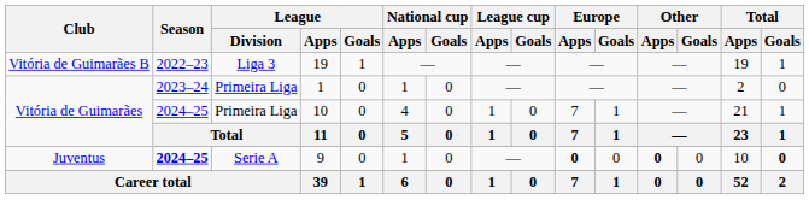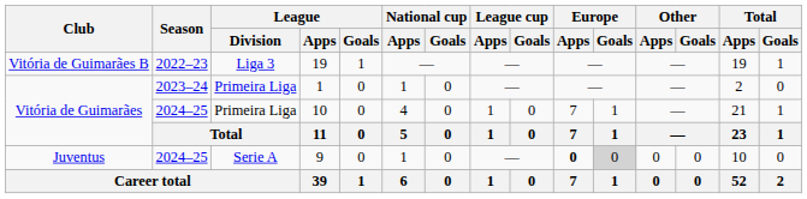 <table class="wikitable" style="text-align: center;">
 <tr>
 <th rowspan="2">Club</th>
 <th rowspan="2">Season</th>
 <th colspan="3">League</th>
 <th colspan="2">National cup</th>
 <th colspan="2">League cup</th>
 <th colspan="2">Europe</th>
 <th colspan="2">Other</th>
 <th colspan="2">Total</th>
 </tr>
 <tr>
 <th>Division</th>
 <th>Apps</th>
 <th>Goals</th>
 <th>Apps</th>
 <th>Goals</th>
 <th>Apps</th>
 <th>Goals</th>
 <th>Apps</th>
 <th>Goals</th>
 <th>Apps</th>
 <th>Goals</th>
 <th>Apps</th>
 <th>Goals</th>
 </tr>
 <tr>
 <td><a href='#'>Vitória de Guimarães B</a></td>
 <td><a href='#'>2022–23</a></td>
 <td><a href='#'>Liga 3</a></td>
 <td>19</td>
 <td>1</td>
 <td colspan="2">—</td>
 <td colspan="2">—</td>
 <td colspan="2">—</td>
 <td colspan="2">—</td>
 <td>19</td>
 <td>1</td>
 </tr>
 <tr>
 <td rowspan="3"><a href='#'>Vitória de Guimarães</a></td>
 <td><a href='#'>2023–24</a></td>
 <td><a href='#'>Primeira Liga</a></td>
 <td>1</td>
 <td>0</td>
 <td>1</td>
 <td>0</td>
 <td colspan="2">—</td>
 <td colspan="2">—</td>
 <td colspan="2">—</td>
 <td>2</td>
 <td>0</td>
 </tr>
 <tr>
 <td><a href='#'>2024–25</a></td>
 <td>Primeira Liga</td>
 <td>10</td>
 <td>0</td>
 <td>4</td>
 <td>0</td>
 <td>1</td>
 <td>0</td>
 <td>7</td>
 <td>1</td>
 <td colspan="2">—</td>
 <td>21</td>
 <td>1</td>
 </tr>
 <tr>
 <th colspan="2">Total</th>
 <th>11</th>
 <th>0</th>
 <th>5</th>
 <th>0</th>
 <th>1</th>
 <th>0</th>
 <th>7</th>
 <th>1</th>
 <th colspan="2">—</th>
 <th>23</th>
 <th>1</th>
 </tr>
 <tr>
 <td><a href='#'>Juventus</a></td>
-<td><strong><a href='#'>2024–25</a></strong></td>
+<td><a href='#'>2024–25</a></td>
 <td><a href='#'>Serie A</a></td>
 <td>9</td>
 <td>0</td>
 <td>1</td>
 <td>0</td>
 <td colspan="2">—</td>
 <td><strong>0</strong></td>
+<td style="background: lightgrey;">0</td>
 <td>0</td>
-<td><strong>0</strong></td>
 <td>0</td>
 <td>10</td>
-<td><strong>0</strong></td>
+<td>0</td>
 </tr>
 <tr>
 <th colspan="3">Career total</th>
 <th>39</th>
 <th>1</th>
 <th>6</th>
 <th>0</th>
 <th>1</th>
 <th>0</th>
 <th>7</th>
 <th>1</th>
 <th>0</th>
 <th>0</th>
 <th>52</th>
 <th>2</th>
 </tr>
 </table>
